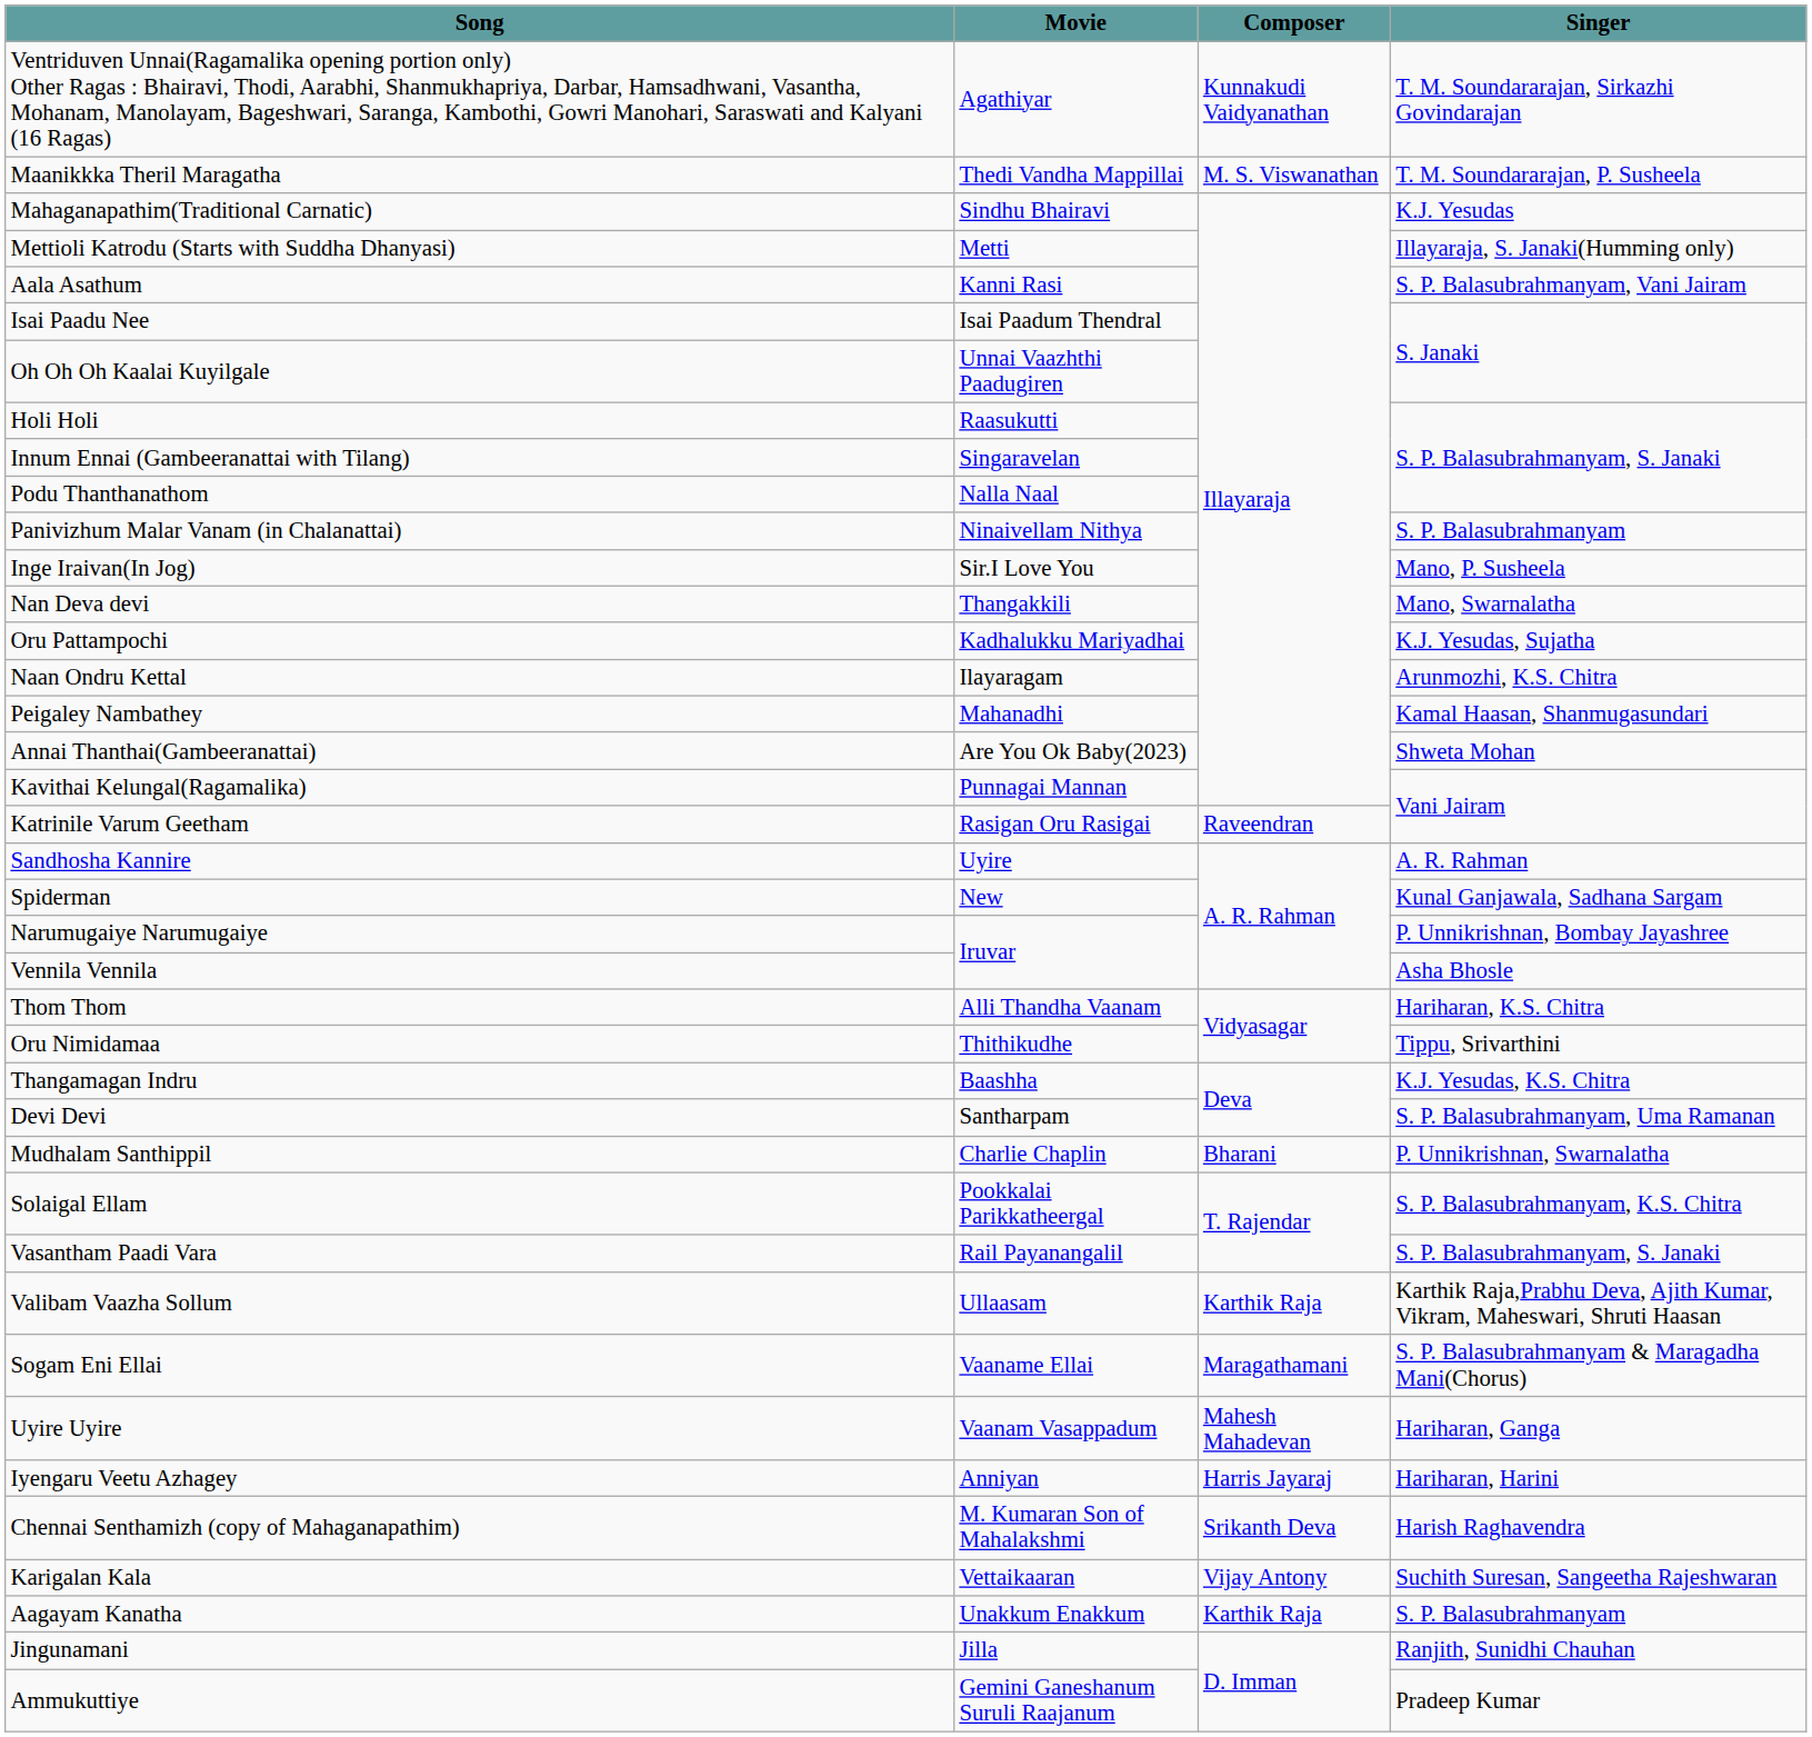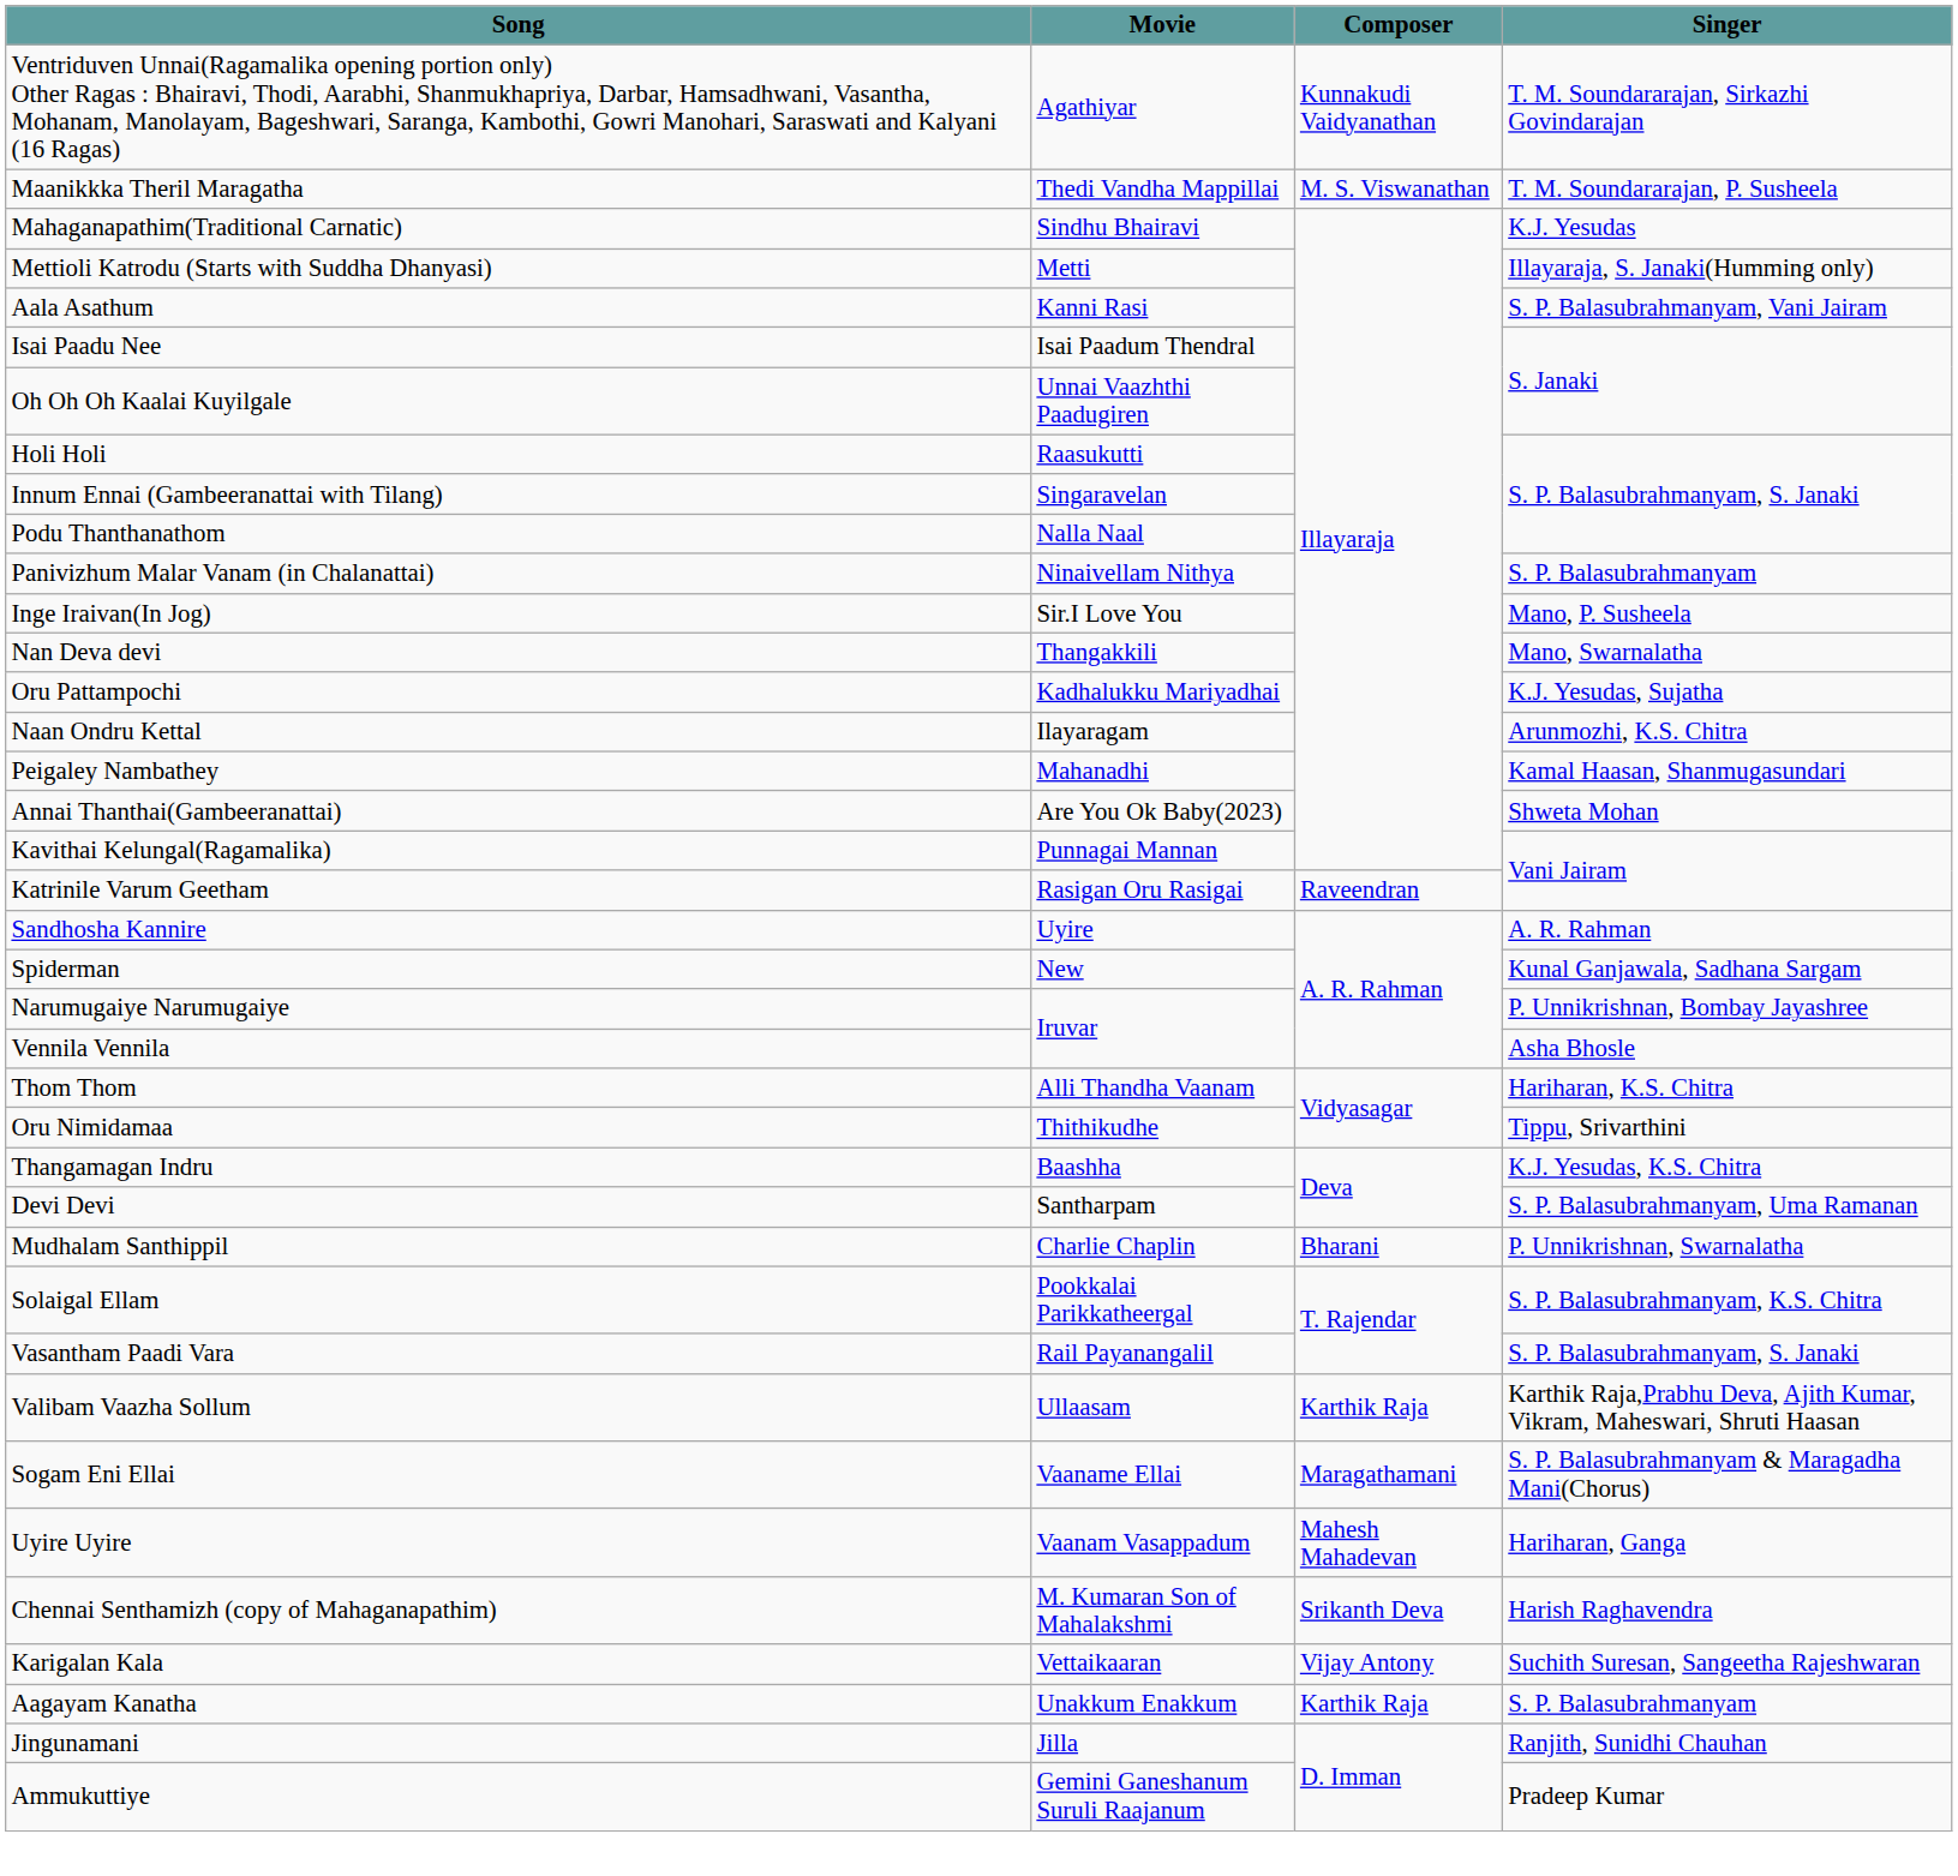 <table class="wikitable">
 <tr>
 <th style="background:#5F9EA0">Song</th>
 <th style="background:#5F9EA0">Movie</th>
 <th style="background:#5F9EA0">Composer</th>
 <th style="background:#5F9EA0">Singer</th>
 </tr>
 <tr>
 <td>Ventriduven Unnai(Ragamalika opening portion only)<br>Other Ragas : Bhairavi, Thodi, Aarabhi, Shanmukhapriya, Darbar, Hamsadhwani, Vasantha, Mohanam, Manolayam, Bageshwari, Saranga, Kambothi, Gowri Manohari, Saraswati and Kalyani  (16 Ragas)</td>
 <td><a href='#'>Agathiyar</a></td>
 <td><a href='#'>Kunnakudi Vaidyanathan</a></td>
 <td><a href='#'>T. M. Soundararajan</a>, <a href='#'>Sirkazhi Govindarajan</a></td>
 </tr>
 <tr>
 <td>Maanikkka Theril Maragatha</td>
 <td><a href='#'>Thedi Vandha Mappillai</a></td>
 <td><a href='#'>M. S. Viswanathan</a></td>
 <td><a href='#'>T. M. Soundararajan</a>, <a href='#'>P. Susheela</a></td>
 </tr>
 <tr>
 <td>Mahaganapathim(Traditional Carnatic)</td>
 <td><a href='#'>Sindhu Bhairavi</a></td>
 <td rowspan="16"><a href='#'>Illayaraja</a></td>
 <td><a href='#'>K.J. Yesudas</a></td>
 </tr>
 <tr>
 <td>Mettioli Katrodu (Starts with Suddha Dhanyasi)</td>
 <td><a href='#'>Metti</a></td>
 <td><a href='#'>Illayaraja</a>, <a href='#'>S. Janaki</a>(Humming only)</td>
 </tr>
 <tr>
 <td>Aala Asathum</td>
 <td><a href='#'>Kanni Rasi</a></td>
 <td><a href='#'>S. P. Balasubrahmanyam</a>, <a href='#'>Vani Jairam</a></td>
 </tr>
 <tr>
 <td>Isai Paadu Nee</td>
 <td>Isai Paadum Thendral</td>
 <td rowspan="2"><a href='#'>S. Janaki</a></td>
 </tr>
 <tr>
 <td>Oh Oh Oh Kaalai Kuyilgale</td>
 <td><a href='#'>Unnai Vaazhthi Paadugiren</a></td>
 </tr>
 <tr>
 <td>Holi Holi</td>
 <td><a href='#'>Raasukutti</a></td>
 <td rowspan="3"><a href='#'>S. P. Balasubrahmanyam</a>, <a href='#'>S. Janaki</a></td>
 </tr>
 <tr>
 <td>Innum Ennai (Gambeeranattai with Tilang)</td>
 <td><a href='#'>Singaravelan</a></td>
 </tr>
 <tr>
 <td>Podu Thanthanathom</td>
 <td><a href='#'>Nalla Naal</a></td>
 </tr>
 <tr>
 <td>Panivizhum Malar Vanam (in Chalanattai)</td>
 <td><a href='#'>Ninaivellam Nithya</a></td>
 <td><a href='#'>S. P. Balasubrahmanyam</a></td>
 </tr>
 <tr>
 <td>Inge Iraivan(In Jog)</td>
 <td>Sir.I Love You</td>
 <td><a href='#'>Mano</a>, <a href='#'>P. Susheela</a></td>
 </tr>
 <tr>
 <td>Nan Deva devi</td>
 <td><a href='#'>Thangakkili</a></td>
 <td><a href='#'>Mano</a>, <a href='#'>Swarnalatha</a></td>
 </tr>
 <tr>
 <td>Oru Pattampochi</td>
 <td><a href='#'>Kadhalukku Mariyadhai</a></td>
 <td><a href='#'>K.J. Yesudas</a>, <a href='#'>Sujatha</a></td>
 </tr>
 <tr>
 <td>Naan Ondru Kettal</td>
 <td>Ilayaragam</td>
 <td><a href='#'>Arunmozhi</a>, <a href='#'>K.S. Chitra</a></td>
 </tr>
 <tr>
 <td>Peigaley Nambathey</td>
 <td><a href='#'>Mahanadhi</a></td>
 <td><a href='#'>Kamal Haasan</a>, <a href='#'>Shanmugasundari</a></td>
 </tr>
 <tr>
 <td>Annai Thanthai(Gambeeranattai)</td>
 <td>Are You Ok Baby(2023)</td>
 <td><a href='#'>Shweta Mohan</a></td>
 </tr>
 <tr>
 <td>Kavithai Kelungal(Ragamalika)</td>
 <td><a href='#'>Punnagai Mannan</a></td>
 <td rowspan=2><a href='#'>Vani Jairam</a></td>
 </tr>
 <tr>
 <td>Katrinile Varum Geetham</td>
 <td><a href='#'>Rasigan Oru Rasigai</a></td>
 <td><a href='#'>Raveendran</a></td>
 </tr>
 <tr>
 <td><a href='#'>Sandhosha Kannire</a></td>
 <td><a href='#'>Uyire</a></td>
 <td rowspan="4"><a href='#'>A. R. Rahman</a></td>
 <td><a href='#'>A. R. Rahman</a></td>
 </tr>
 <tr>
 <td>Spiderman</td>
 <td><a href='#'>New</a></td>
 <td><a href='#'>Kunal Ganjawala</a>, <a href='#'>Sadhana Sargam</a></td>
 </tr>
 <tr>
 <td>Narumugaiye Narumugaiye</td>
 <td rowspan="2"><a href='#'>Iruvar</a></td>
 <td><a href='#'>P. Unnikrishnan</a>, <a href='#'>Bombay Jayashree</a></td>
 </tr>
 <tr>
 <td>Vennila Vennila</td>
 <td><a href='#'>Asha Bhosle</a></td>
 </tr>
 <tr>
 <td>Thom Thom</td>
 <td><a href='#'>Alli Thandha Vaanam</a></td>
 <td rowspan=2><a href='#'>Vidyasagar</a></td>
 <td><a href='#'>Hariharan</a>, <a href='#'>K.S. Chitra</a></td>
 </tr>
 <tr>
 <td>Oru Nimidamaa</td>
 <td><a href='#'>Thithikudhe</a></td>
 <td><a href='#'>Tippu</a>, Srivarthini</td>
 </tr>
 <tr>
 <td>Thangamagan Indru</td>
 <td><a href='#'>Baashha</a></td>
 <td rowspan=2><a href='#'>Deva</a></td>
 <td><a href='#'>K.J. Yesudas</a>, <a href='#'>K.S. Chitra</a></td>
 </tr>
 <tr>
 <td>Devi Devi</td>
 <td>Santharpam</td>
 <td><a href='#'>S. P. Balasubrahmanyam</a>, <a href='#'>Uma Ramanan</a></td>
 </tr>
 <tr>
 <td>Mudhalam Santhippil</td>
 <td><a href='#'>Charlie Chaplin</a></td>
 <td><a href='#'>Bharani</a></td>
 <td><a href='#'>P. Unnikrishnan</a>, <a href='#'>Swarnalatha</a></td>
 </tr>
 <tr>
 <td>Solaigal Ellam</td>
 <td><a href='#'>Pookkalai Parikkatheergal</a></td>
 <td rowspan=2><a href='#'>T. Rajendar</a></td>
 <td><a href='#'>S. P. Balasubrahmanyam</a>, <a href='#'>K.S. Chitra</a></td>
 </tr>
 <tr>
 <td>Vasantham Paadi Vara</td>
 <td><a href='#'>Rail Payanangalil</a></td>
 <td><a href='#'>S. P. Balasubrahmanyam</a>, <a href='#'>S. Janaki</a></td>
 </tr>
 <tr>
 <td>Valibam Vaazha Sollum</td>
 <td><a href='#'>Ullaasam</a></td>
 <td><a href='#'>Karthik Raja</a></td>
 <td>Karthik Raja,<a href='#'>Prabhu Deva</a>, <a href='#'>Ajith Kumar</a>, Vikram, Maheswari, Shruti Haasan</td>
 </tr>
 <tr>
 <td>Sogam Eni Ellai</td>
 <td><a href='#'>Vaaname Ellai</a></td>
 <td><a href='#'>Maragathamani</a></td>
 <td><a href='#'>S. P. Balasubrahmanyam</a> & <a href='#'>Maragadha Mani</a>(Chorus)</td>
 </tr>
 <tr>
 <td>Uyire Uyire</td>
 <td><a href='#'>Vaanam Vasappadum</a></td>
 <td><a href='#'>Mahesh Mahadevan</a></td>
 <td><a href='#'>Hariharan</a>, <a href='#'>Ganga</a></td>
 </tr>
 <tr>
-<td>Iyengaru Veetu Azhagey</td>
-<td><a href='#'>Anniyan</a></td>
-<td><a href='#'>Harris Jayaraj</a></td>
-<td><a href='#'>Hariharan</a>, <a href='#'>Harini</a></td>
-</tr>
-<tr>
 <td>Chennai Senthamizh (copy of Mahaganapathim)</td>
 <td><a href='#'>M. Kumaran Son of Mahalakshmi</a></td>
 <td><a href='#'>Srikanth Deva</a></td>
 <td><a href='#'>Harish Raghavendra</a></td>
 </tr>
 <tr>
 <td>Karigalan Kala</td>
 <td><a href='#'>Vettaikaaran</a></td>
 <td><a href='#'>Vijay Antony</a></td>
 <td><a href='#'>Suchith Suresan</a>, <a href='#'>Sangeetha Rajeshwaran</a></td>
 </tr>
 <tr>
 <td>Aagayam Kanatha</td>
 <td><a href='#'>Unakkum Enakkum</a></td>
 <td><a href='#'>Karthik Raja</a></td>
 <td><a href='#'>S. P. Balasubrahmanyam</a></td>
 </tr>
 <tr>
 <td>Jingunamani</td>
 <td><a href='#'>Jilla</a></td>
 <td rowspan="2"><a href='#'>D. Imman</a></td>
 <td><a href='#'>Ranjith</a>, <a href='#'>Sunidhi Chauhan</a></td>
 </tr>
 <tr>
 <td>Ammukuttiye</td>
 <td><a href='#'>Gemini Ganeshanum Suruli Raajanum</a></td>
 <td>Pradeep Kumar</td>
 </tr>
 </table>
